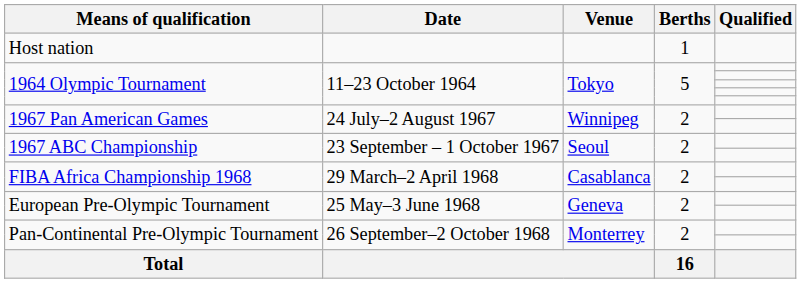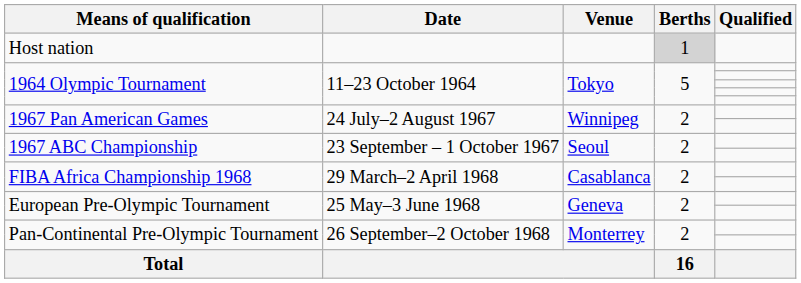 <table class="wikitable">
 <tr>
 <th>Means of qualification</th>
 <th>Date</th>
 <th>Venue</th>
 <th>Berths</th>
 <th>Qualified</th>
 </tr>
 <tr>
 <td>Host nation</td>
 <td></td>
 <td></td>
-<td style="text-align:center;">1</td>
+<td style="background: lightgrey; text-align:center;">1</td>
 <td></td>
 </tr>
 <tr>
 <td rowspan=5><a href='#'>1964 Olympic Tournament</a></td>
 <td rowspan=5>11–23 October 1964</td>
 <td rowspan=5> <a href='#'>Tokyo</a></td>
 <td rowspan=5 style="text-align:center;">5</td>
 <td></td>
 </tr>
 <tr>
 <td></td>
 </tr>
 <tr>
 <td></td>
 </tr>
 <tr>
 <td></td>
 </tr>
 <tr>
 <td></td>
 </tr>
 <tr>
 <td rowspan=2><a href='#'>1967 Pan American Games</a></td>
 <td rowspan=2>24 July–2 August 1967</td>
 <td rowspan=2> <a href='#'>Winnipeg</a></td>
 <td rowspan=2 style="text-align:center;">2</td>
 <td></td>
 </tr>
 <tr>
 <td></td>
 </tr>
 <tr>
 <td rowspan="2"><a href='#'>1967 ABC Championship</a></td>
 <td rowspan="2">23 September – 1 October 1967</td>
 <td rowspan="2"> <a href='#'>Seoul</a></td>
 <td rowspan="2" style="text-align:center;">2</td>
 <td></td>
 </tr>
 <tr>
 <td></td>
 </tr>
 <tr>
 <td rowspan="2"><a href='#'>FIBA Africa Championship 1968</a></td>
 <td rowspan="2">29 March–2 April 1968</td>
 <td rowspan="2"> <a href='#'>Casablanca</a></td>
 <td rowspan="2" style="text-align:center;">2</td>
 <td></td>
 </tr>
 <tr>
 <td></td>
 </tr>
 <tr>
 <td rowspan="2">European Pre-Olympic Tournament</td>
 <td rowspan="2">25 May–3 June 1968</td>
 <td rowspan="2"> <a href='#'>Geneva</a></td>
 <td rowspan="2" style="text-align:center;">2</td>
 <td></td>
 </tr>
 <tr>
 <td></td>
 </tr>
 <tr>
 <td rowspan="2">Pan-Continental Pre-Olympic Tournament</td>
 <td rowspan="2">26 September–2 October 1968</td>
 <td rowspan="2"> <a href='#'>Monterrey</a></td>
 <td rowspan="2" style="text-align:center;">2</td>
 <td></td>
 </tr>
 <tr>
 <td></td>
 </tr>
 <tr>
 <th>Total</th>
 <th colspan="2"></th>
 <th>16</th>
 <th></th>
 </tr>
 </table>
